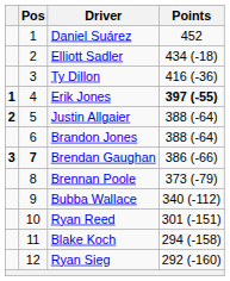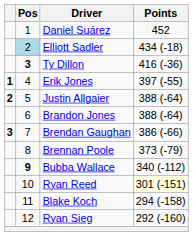 <table class="wikitable" style="font-size: 95%;">
 <tr>
 <th></th>
 <th>Pos</th>
 <th>Driver</th>
 <th>Points</th>
 </tr>
 <tr>
 <td align="left"></td>
 <td style="text-align:center;">1</td>
 <td><a href='#'>Daniel Suárez</a></td>
 <td style="text-align:center;">452</td>
 </tr>
 <tr>
 <td align="left"></td>
-<td style="text-align:center;">2</td>
+<td style="background: lightblue; text-align:center;">2</td>
 <td><a href='#'>Elliott Sadler</a></td>
 <td style="text-align:center;">434 (-18)</td>
 </tr>
 <tr>
 <td align="left"></td>
-<td style="text-align:center;">3</td>
+<td style="text-align:center;"><strong>3</strong></td>
 <td><a href='#'>Ty Dillon</a></td>
 <td style="text-align:center;">416 (-36)</td>
 </tr>
 <tr>
 <td align="left"> <strong>1</strong></td>
 <td style="text-align:center;">4</td>
 <td><a href='#'>Erik Jones</a></td>
-<td style="text-align:center;"><strong>397 (-55)</strong></td>
+<td style="text-align:center;">397 (-55)</td>
 </tr>
 <tr>
 <td align="left"> <strong>2</strong></td>
 <td style="text-align:center;">5</td>
 <td><a href='#'>Justin Allgaier</a></td>
 <td style="text-align:center;">388 (-64)</td>
 </tr>
 <tr>
 <td align="left"></td>
 <td style="text-align:center;">6</td>
 <td><a href='#'>Brandon Jones</a></td>
 <td style="text-align:center;">388 (-64)</td>
 </tr>
 <tr>
 <td align="left"> <strong>3</strong></td>
-<td style="text-align:center;"><strong>7</strong></td>
+<td style="text-align:center;">7</td>
 <td><a href='#'>Brendan Gaughan</a></td>
 <td style="text-align:center;">386 (-66)</td>
 </tr>
 <tr>
 <td align="left"></td>
 <td style="text-align:center;">8</td>
 <td><a href='#'>Brennan Poole</a></td>
 <td style="text-align:center;">373 (-79)</td>
 </tr>
 <tr>
 <td align="left"></td>
-<td style="text-align:center;">9</td>
+<td style="text-align:center;"><strong>9</strong></td>
 <td><a href='#'>Bubba Wallace</a></td>
 <td style="text-align:center;">340 (-112)</td>
 </tr>
 <tr>
 <td align="left"></td>
 <td style="text-align:center;">10</td>
 <td><a href='#'>Ryan Reed</a></td>
-<td style="text-align:center;">301 (-151)</td>
+<td style="background: lightyellow; text-align:center;">301 (-151)</td>
 </tr>
 <tr>
 <td align="left"></td>
 <td style="text-align:center;">11</td>
 <td><a href='#'>Blake Koch</a></td>
 <td style="text-align:center;">294 (-158)</td>
 </tr>
 <tr>
 <td align="left"></td>
 <td style="text-align:center;">12</td>
 <td><a href='#'>Ryan Sieg</a></td>
 <td style="text-align:center;">292 (-160)</td>
 </tr>
 <tr class="sortbottom">
 <th colspan="4"></th>
 </tr>
 </table>
